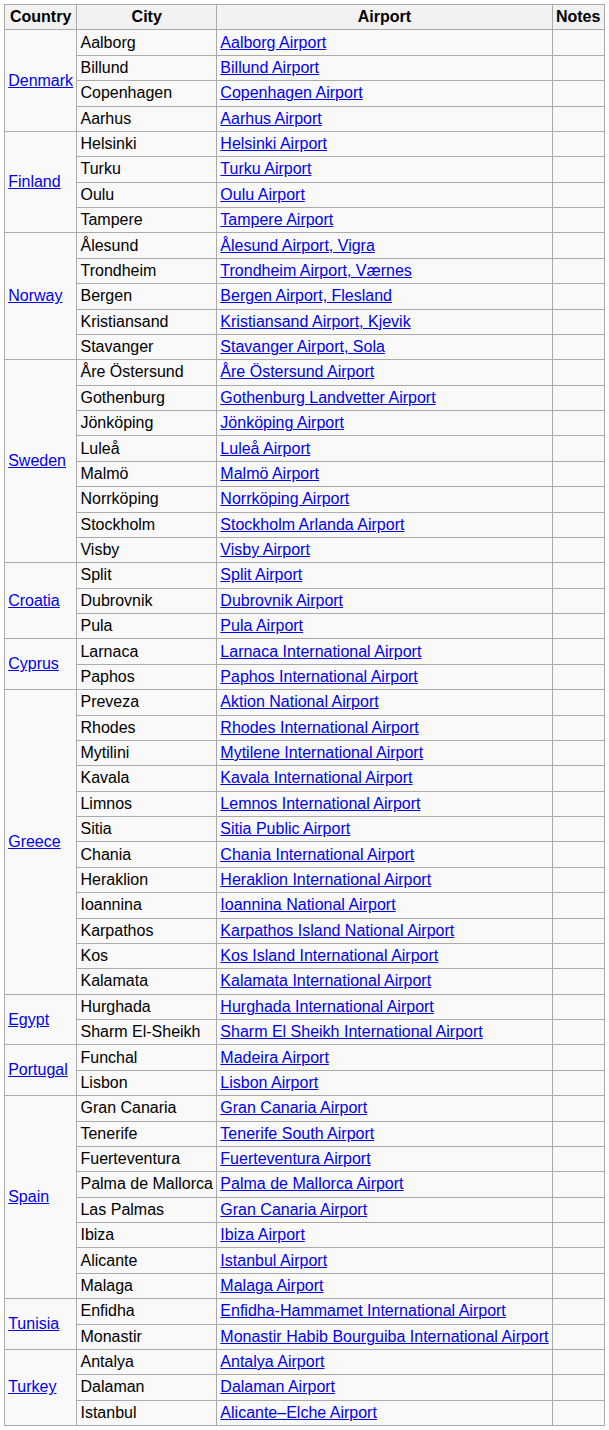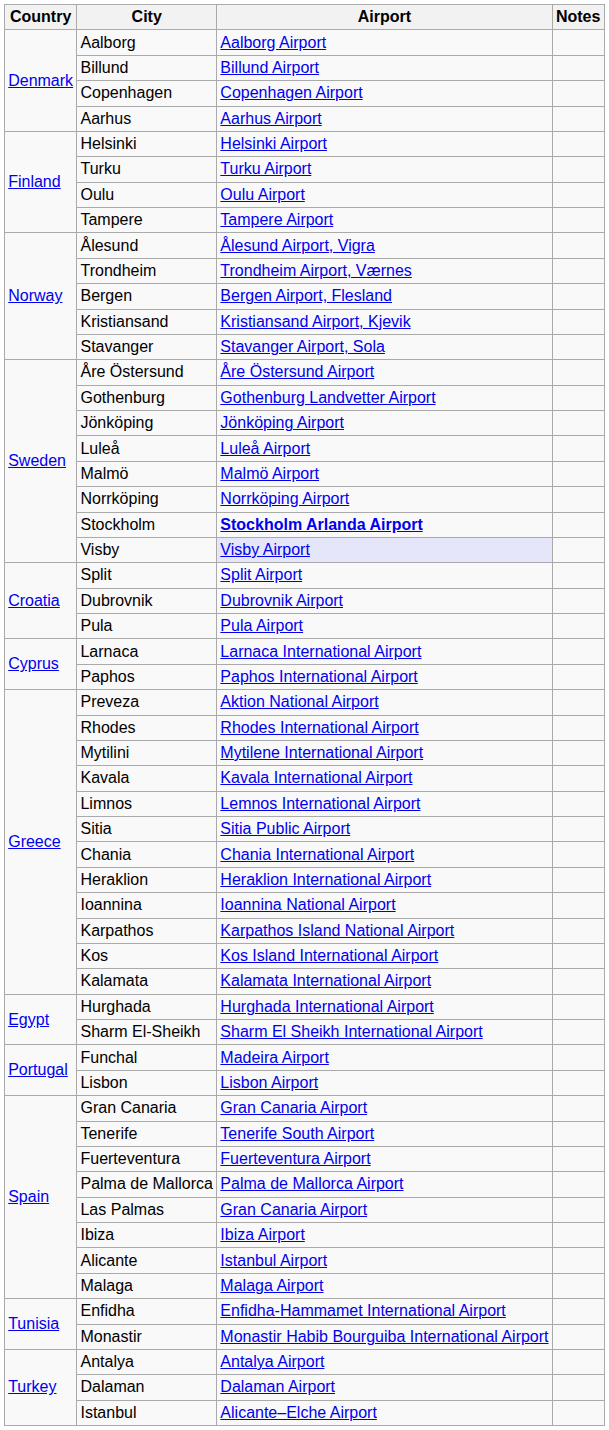 <table class="wikitable">
 <tr>
 <th>Country</th>
 <th>City</th>
 <th>Airport</th>
 <th>Notes</th>
 </tr>
 <tr>
 <td rowspan="4"><a href='#'>Denmark</a></td>
 <td>Aalborg</td>
 <td><a href='#'>Aalborg Airport</a></td>
 <td></td>
 </tr>
 <tr>
 <td>Billund</td>
 <td><a href='#'>Billund Airport</a></td>
 <td></td>
 </tr>
 <tr>
 <td>Copenhagen</td>
 <td><a href='#'>Copenhagen Airport</a></td>
 <td></td>
 </tr>
 <tr>
 <td>Aarhus</td>
 <td><a href='#'>Aarhus Airport</a></td>
 <td></td>
 </tr>
 <tr>
 <td rowspan="4"><a href='#'>Finland</a></td>
 <td>Helsinki</td>
 <td><a href='#'>Helsinki Airport</a></td>
 <td></td>
 </tr>
 <tr>
 <td>Turku</td>
 <td><a href='#'>Turku Airport</a></td>
 <td></td>
 </tr>
 <tr>
 <td>Oulu</td>
 <td><a href='#'>Oulu Airport</a></td>
 <td></td>
 </tr>
 <tr>
 <td>Tampere</td>
 <td><a href='#'>Tampere Airport</a></td>
 <td></td>
 </tr>
 <tr>
 <td rowspan="5"><a href='#'>Norway</a></td>
 <td>Ålesund</td>
 <td><a href='#'>Ålesund Airport, Vigra</a></td>
 <td></td>
 </tr>
 <tr>
 <td>Trondheim</td>
 <td><a href='#'>Trondheim Airport, Værnes</a></td>
 <td></td>
 </tr>
 <tr>
 <td>Bergen</td>
 <td><a href='#'>Bergen Airport, Flesland</a></td>
 <td></td>
 </tr>
 <tr>
 <td>Kristiansand</td>
 <td><a href='#'>Kristiansand Airport, Kjevik</a></td>
 <td></td>
 </tr>
 <tr>
 <td>Stavanger</td>
 <td><a href='#'>Stavanger Airport, Sola</a></td>
 <td></td>
 </tr>
 <tr>
 <td rowspan="8"><a href='#'>Sweden</a></td>
 <td>Åre Östersund</td>
 <td><a href='#'>Åre Östersund Airport</a></td>
 <td></td>
 </tr>
 <tr>
 <td>Gothenburg</td>
 <td><a href='#'>Gothenburg Landvetter Airport</a></td>
 <td></td>
 </tr>
 <tr>
 <td>Jönköping</td>
 <td><a href='#'>Jönköping Airport</a></td>
 <td></td>
 </tr>
 <tr>
 <td>Luleå</td>
 <td><a href='#'>Luleå Airport</a></td>
 <td></td>
 </tr>
 <tr>
 <td>Malmö</td>
 <td><a href='#'>Malmö Airport</a></td>
 <td></td>
 </tr>
 <tr>
 <td>Norrköping</td>
 <td><a href='#'>Norrköping Airport</a></td>
 <td></td>
 </tr>
 <tr>
 <td>Stockholm</td>
-<td><a href='#'>Stockholm Arlanda Airport</a></td>
+<td><strong><a href='#'>Stockholm Arlanda Airport</a></strong></td>
 <td></td>
 </tr>
 <tr>
 <td>Visby</td>
-<td><a href='#'>Visby Airport</a></td>
+<td style="background: lavender;"><a href='#'>Visby Airport</a></td>
 <td></td>
 </tr>
 <tr>
 <td rowspan="3"><a href='#'>Croatia</a></td>
 <td>Split</td>
 <td><a href='#'>Split Airport</a></td>
 <td></td>
 </tr>
 <tr>
 <td>Dubrovnik</td>
 <td><a href='#'>Dubrovnik Airport</a></td>
 <td></td>
 </tr>
 <tr>
 <td>Pula</td>
 <td><a href='#'>Pula Airport</a></td>
 <td></td>
 </tr>
 <tr>
 <td rowspan="2"><a href='#'>Cyprus</a></td>
 <td>Larnaca</td>
 <td><a href='#'>Larnaca International Airport</a></td>
 <td></td>
 </tr>
 <tr>
 <td>Paphos</td>
 <td><a href='#'>Paphos International Airport</a></td>
 <td></td>
 </tr>
 <tr>
 <td rowspan="12"><a href='#'>Greece</a></td>
 <td>Preveza</td>
 <td><a href='#'>Aktion National Airport</a></td>
 <td></td>
 </tr>
 <tr>
 <td>Rhodes</td>
 <td><a href='#'>Rhodes International Airport</a></td>
 <td></td>
 </tr>
 <tr>
 <td>Mytilini</td>
 <td><a href='#'>Mytilene International Airport</a></td>
 <td></td>
 </tr>
 <tr>
 <td>Kavala</td>
 <td><a href='#'>Kavala International Airport</a></td>
 <td></td>
 </tr>
 <tr>
 <td>Limnos</td>
 <td><a href='#'>Lemnos International Airport</a></td>
 <td></td>
 </tr>
 <tr>
 <td>Sitia</td>
 <td><a href='#'>Sitia Public Airport</a></td>
 <td></td>
 </tr>
 <tr>
 <td>Chania</td>
 <td><a href='#'>Chania International Airport</a></td>
 <td></td>
 </tr>
 <tr>
 <td>Heraklion</td>
 <td><a href='#'>Heraklion International Airport</a></td>
 <td></td>
 </tr>
 <tr>
 <td>Ioannina</td>
 <td><a href='#'>Ioannina National Airport</a></td>
 <td></td>
 </tr>
 <tr>
 <td>Karpathos</td>
 <td><a href='#'>Karpathos Island National Airport</a></td>
 <td></td>
 </tr>
 <tr>
 <td>Kos</td>
 <td><a href='#'>Kos Island International Airport</a></td>
 <td></td>
 </tr>
 <tr>
 <td>Kalamata</td>
 <td><a href='#'>Kalamata International Airport</a></td>
 <td></td>
 </tr>
 <tr>
 <td rowspan="2"><a href='#'>Egypt</a></td>
 <td>Hurghada</td>
 <td><a href='#'>Hurghada International Airport</a></td>
 <td></td>
 </tr>
 <tr>
 <td>Sharm El-Sheikh</td>
 <td><a href='#'>Sharm El Sheikh International Airport</a></td>
 <td></td>
 </tr>
 <tr>
 <td rowspan="2"><a href='#'>Portugal</a></td>
 <td>Funchal</td>
 <td><a href='#'>Madeira Airport</a></td>
 <td></td>
 </tr>
 <tr>
 <td>Lisbon</td>
 <td><a href='#'>Lisbon Airport</a></td>
 <td></td>
 </tr>
 <tr>
 <td rowspan="8"><a href='#'>Spain</a></td>
 <td>Gran Canaria</td>
 <td><a href='#'>Gran Canaria Airport</a></td>
 <td></td>
 </tr>
 <tr>
 <td>Tenerife</td>
 <td><a href='#'>Tenerife South Airport</a></td>
 <td></td>
 </tr>
 <tr>
 <td>Fuerteventura</td>
 <td><a href='#'>Fuerteventura Airport</a></td>
 <td></td>
 </tr>
 <tr>
 <td>Palma de Mallorca</td>
 <td><a href='#'>Palma de Mallorca Airport</a></td>
 <td></td>
 </tr>
 <tr>
 <td>Las Palmas</td>
 <td><a href='#'>Gran Canaria Airport</a></td>
 <td></td>
 </tr>
 <tr>
 <td>Ibiza</td>
 <td><a href='#'>Ibiza Airport</a></td>
 <td></td>
 </tr>
 <tr>
 <td>Alicante</td>
 <td><a href='#'>Istanbul Airport</a></td>
 <td></td>
 </tr>
 <tr>
 <td>Malaga</td>
 <td><a href='#'>Malaga Airport</a></td>
 <td></td>
 </tr>
 <tr>
 <td rowspan="2"><a href='#'>Tunisia</a></td>
 <td>Enfidha</td>
 <td><a href='#'>Enfidha-Hammamet International Airport</a></td>
 <td></td>
 </tr>
 <tr>
 <td>Monastir</td>
 <td><a href='#'>Monastir Habib Bourguiba International Airport</a></td>
 <td></td>
 </tr>
 <tr>
 <td rowspan="3"><a href='#'>Turkey</a></td>
 <td>Antalya</td>
 <td><a href='#'>Antalya Airport</a></td>
 <td></td>
 </tr>
 <tr>
 <td>Dalaman</td>
 <td><a href='#'>Dalaman Airport</a></td>
 <td></td>
 </tr>
 <tr>
 <td>Istanbul</td>
 <td><a href='#'>Alicante–Elche Airport</a></td>
 <td></td>
 </tr>
 </table>
